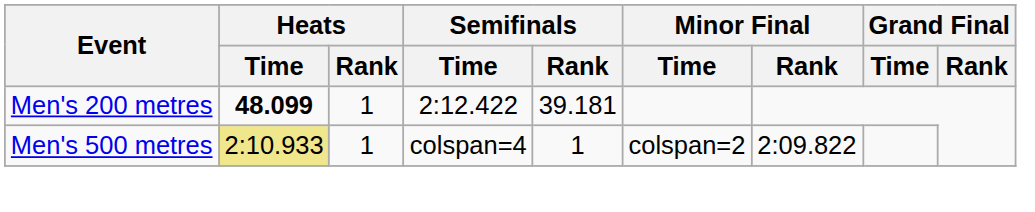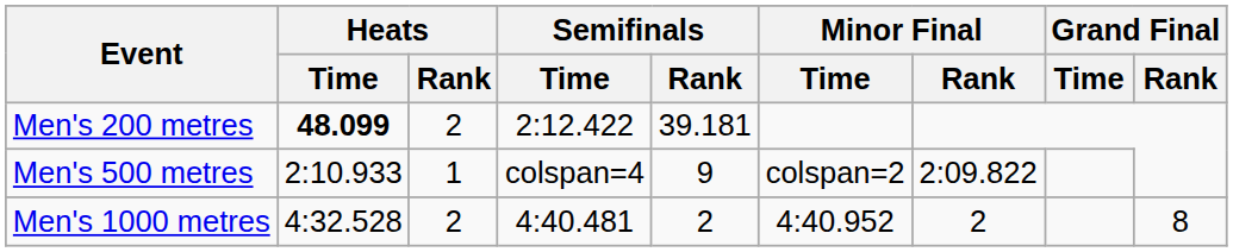 <table class=wikitable style="text-align:center; font-size:90%">
 <tr>
 <th rowspan="2">Event</th>
 <th colspan="2">Heats</th>
 <th colspan="2">Semifinals</th>
 <th colspan="2">Minor Final</th>
 <th colspan="2">Grand Final</th>
 </tr>
 <tr>
 <th>Time</th>
 <th>Rank</th>
 <th>Time</th>
 <th>Rank</th>
 <th>Time</th>
 <th>Rank</th>
 <th>Time</th>
 <th>Rank</th>
 </tr>
 <tr>
 <td align=left><a href='#'>Men's 200 metres</a></td>
 <td><strong>48.099</strong></td>
-<td>1 <strong></strong></td>
+<td>2 <strong></strong></td>
 <td>2:12.422</td>
 <td>39.181</td>
 <td></td>
 </tr>
 <tr>
 <td align=left><a href='#'>Men's 500 metres</a></td>
-<td style="background: khaki;">2:10.933</td>
+<td>2:10.933</td>
 <td>1 <strong></strong></td>
 <td>colspan=4 </td>
-<td>1 <strong></strong></td>
+<td>9 <strong></strong></td>
 <td>colspan=2 </td>
 <td>2:09.822</td>
 <td></td>
 </tr>
+<tr>
+<td align=left><a href='#'>Men's 1000 metres</a></td>
+<td>4:32.528</td>
+<td>2 <strong></strong></td>
+<td>4:40.481</td>
+<td>2 <strong></strong></td>
+<td>4:40.952</td>
+<td>2</td>
+<td></td>
+<td>8</td>
+</tr>
 </table>
